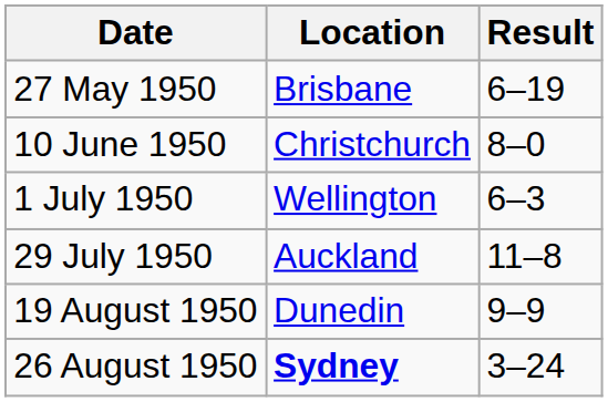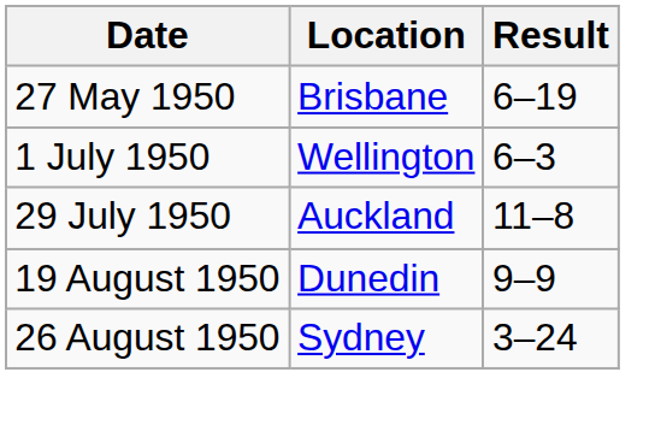 <table class="wikitable" style="align:center;">
 <tr>
 <th>Date</th>
 <th>Location</th>
 <th>Result</th>
 </tr>
 <tr>
 <td>27 May 1950</td>
 <td><a href='#'>Brisbane</a></td>
 <td> 6–19 </td>
-</tr>
-<tr>
-<td>10 June 1950</td>
-<td><a href='#'>Christchurch</a></td>
-<td> 8–0 </td>
 </tr>
 <tr>
 <td>1 July 1950</td>
 <td><a href='#'>Wellington</a></td>
 <td> 6–3 </td>
 </tr>
 <tr>
 <td>29 July 1950</td>
 <td><a href='#'>Auckland</a></td>
 <td> 11–8 </td>
 </tr>
 <tr>
 <td>19 August 1950</td>
 <td><a href='#'>Dunedin</a></td>
 <td> 9–9 </td>
 </tr>
 <tr>
 <td>26 August 1950</td>
-<td><strong><a href='#'>Sydney</a></strong></td>
+<td><a href='#'>Sydney</a></td>
 <td> 3–24 </td>
 </tr>
 </table>
